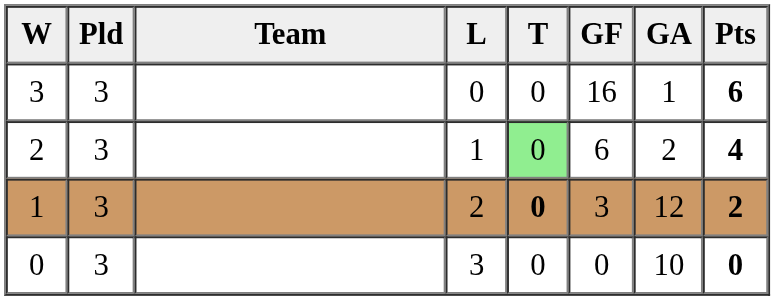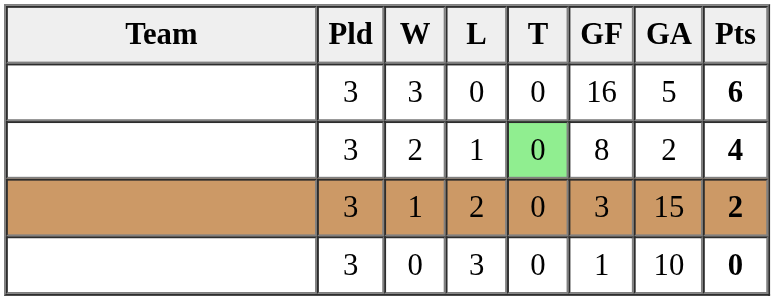 <table border=1 cellpadding=5 cellspacing=0>
 <tr>
+<th bgcolor="#efefef" width="150">Team</th>
+<th bgcolor="#efefef" width="20">Pld</th>
 <th bgcolor="#efefef" width="20">W</th>
-<th bgcolor="#efefef" width="20">Pld</th>
-<th bgcolor="#efefef" width="150">Team</th>
 <th bgcolor="#efefef" width="20">L</th>
 <th bgcolor="#efefef" width="20">T</th>
 <th bgcolor="#efefef" width="20">GF</th>
 <th bgcolor="#efefef" width="20">GA</th>
 <th bgcolor="#efefef" width="20">Pts</th>
 </tr>
 <tr align=center>
+<td align=left></td>
 <td>3</td>
 <td>3</td>
-<td align=left></td>
 <td>0</td>
 <td>0</td>
 <td>16</td>
-<td>1</td>
+<td>5</td>
 <td><strong>6</strong></td>
 </tr>
 <tr align=center>
+<td align=left></td>
+<td>3</td>
 <td>2</td>
-<td>3</td>
-<td align=left></td>
 <td>1</td>
 <td style="background: lightgreen;">0</td>
-<td>6</td>
+<td>8</td>
 <td>2</td>
 <td><strong>4</strong></td>
 </tr>
 <tr align=center bgcolor="#cc9966">
+<td align=left> </td>
+<td>3</td>
 <td>1</td>
+<td>2</td>
+<td>0</td>
 <td>3</td>
-<td align=left> </td>
-<td>2</td>
-<td><strong>0</strong></td>
-<td>3</td>
-<td>12</td>
+<td>15</td>
 <td><strong>2</strong></td>
 </tr>
 <tr align=center>
-<td>0</td>
-<td>3</td>
 <td align=left></td>
 <td>3</td>
 <td>0</td>
+<td>3</td>
 <td>0</td>
+<td>1</td>
 <td>10</td>
 <td><strong>0</strong></td>
 </tr>
 </table>
